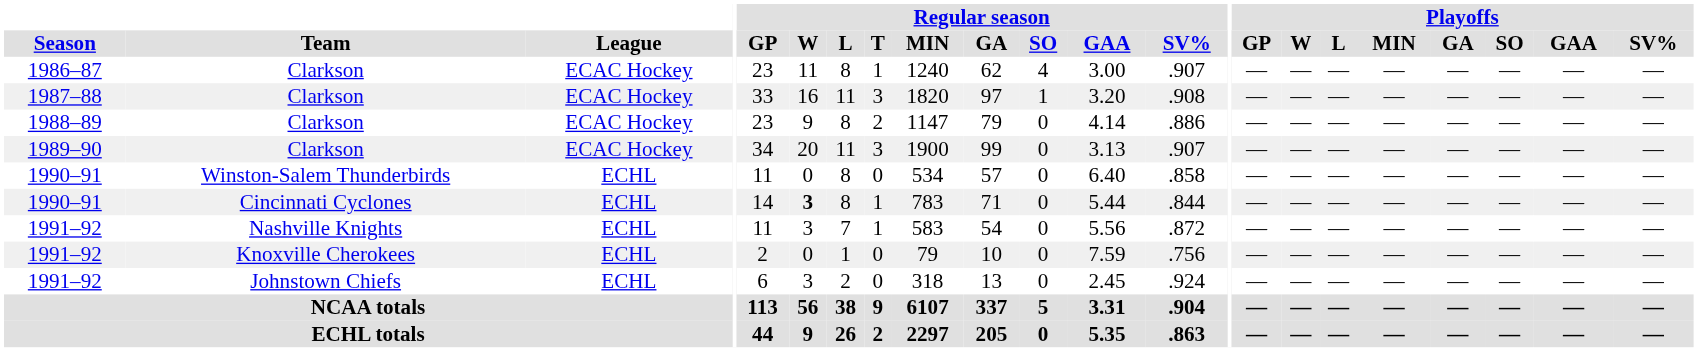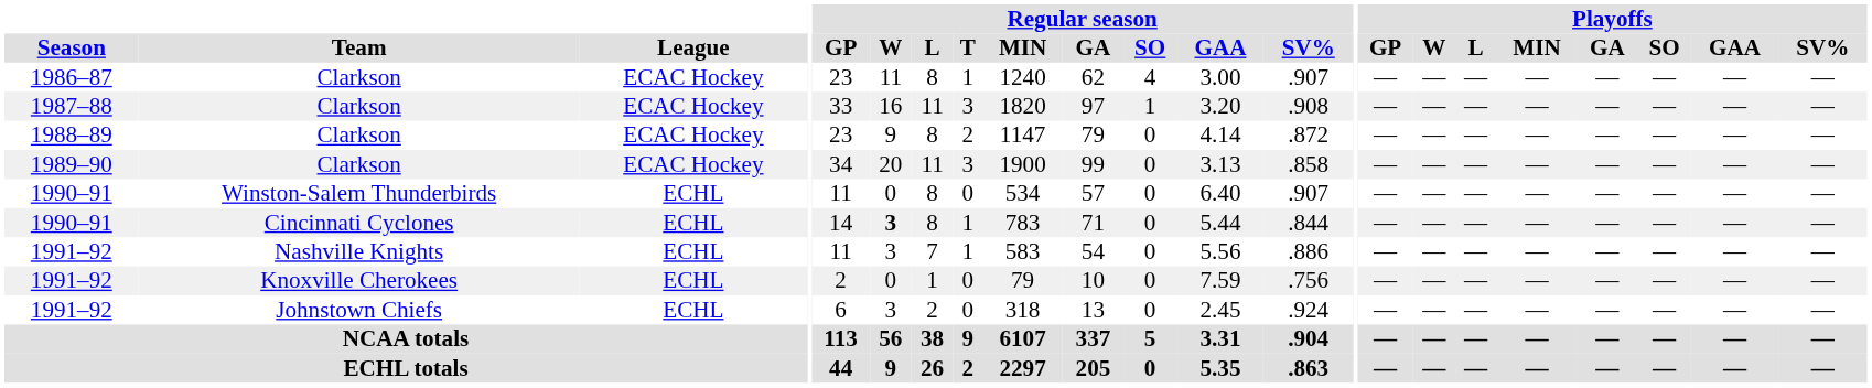 <table border="0" cellpadding="1" cellspacing="0" style="text-align:center; width:80em">
 <tr bgcolor="#e0e0e0">
 <th colspan="3" bgcolor="#ffffff"></th>
 <th rowspan="99" bgcolor="#ffffff"></th>
 <th colspan="9"><a href='#'>Regular season</a></th>
 <th rowspan="99" bgcolor="#ffffff"></th>
 <th colspan="8"><a href='#'>Playoffs</a></th>
 </tr>
 <tr bgcolor="#e0e0e0">
 <th><a href='#'>Season</a></th>
 <th>Team</th>
 <th>League</th>
 <th>GP</th>
 <th>W</th>
 <th>L</th>
 <th>T</th>
 <th>MIN</th>
 <th>GA</th>
 <th><a href='#'>SO</a></th>
 <th><a href='#'>GAA</a></th>
 <th><a href='#'>SV%</a></th>
 <th>GP</th>
 <th>W</th>
 <th>L</th>
 <th>MIN</th>
 <th>GA</th>
 <th>SO</th>
 <th>GAA</th>
 <th>SV%</th>
 </tr>
 <tr>
 <td><a href='#'>1986–87</a></td>
 <td><a href='#'>Clarkson</a></td>
 <td><a href='#'>ECAC Hockey</a></td>
 <td>23</td>
 <td>11</td>
 <td>8</td>
 <td>1</td>
 <td>1240</td>
 <td>62</td>
 <td>4</td>
 <td>3.00</td>
 <td>.907</td>
 <td>—</td>
 <td>—</td>
 <td>—</td>
 <td>—</td>
 <td>—</td>
 <td>—</td>
 <td>—</td>
 <td>—</td>
 </tr>
 <tr bgcolor="f0f0f0">
 <td><a href='#'>1987–88</a></td>
 <td><a href='#'>Clarkson</a></td>
 <td><a href='#'>ECAC Hockey</a></td>
 <td>33</td>
 <td>16</td>
 <td>11</td>
 <td>3</td>
 <td>1820</td>
 <td>97</td>
 <td>1</td>
 <td>3.20</td>
 <td>.908</td>
 <td>—</td>
 <td>—</td>
 <td>—</td>
 <td>—</td>
 <td>—</td>
 <td>—</td>
 <td>—</td>
 <td>—</td>
 </tr>
 <tr>
 <td><a href='#'>1988–89</a></td>
 <td><a href='#'>Clarkson</a></td>
 <td><a href='#'>ECAC Hockey</a></td>
 <td>23</td>
 <td>9</td>
 <td>8</td>
 <td>2</td>
 <td>1147</td>
 <td>79</td>
 <td>0</td>
 <td>4.14</td>
-<td>.886</td>
+<td>.872</td>
 <td>—</td>
 <td>—</td>
 <td>—</td>
 <td>—</td>
 <td>—</td>
 <td>—</td>
 <td>—</td>
 <td>—</td>
 </tr>
 <tr bgcolor="f0f0f0">
 <td><a href='#'>1989–90</a></td>
 <td><a href='#'>Clarkson</a></td>
 <td><a href='#'>ECAC Hockey</a></td>
 <td>34</td>
 <td>20</td>
 <td>11</td>
 <td>3</td>
 <td>1900</td>
 <td>99</td>
 <td>0</td>
 <td>3.13</td>
-<td>.907</td>
+<td>.858</td>
 <td>—</td>
 <td>—</td>
 <td>—</td>
 <td>—</td>
 <td>—</td>
 <td>—</td>
 <td>—</td>
 <td>—</td>
 </tr>
 <tr>
 <td><a href='#'>1990–91</a></td>
 <td><a href='#'>Winston-Salem Thunderbirds</a></td>
 <td><a href='#'>ECHL</a></td>
 <td>11</td>
 <td>0</td>
 <td>8</td>
 <td>0</td>
 <td>534</td>
 <td>57</td>
 <td>0</td>
 <td>6.40</td>
-<td>.858</td>
+<td>.907</td>
 <td>—</td>
 <td>—</td>
 <td>—</td>
 <td>—</td>
 <td>—</td>
 <td>—</td>
 <td>—</td>
 <td>—</td>
 </tr>
 <tr bgcolor="f0f0f0">
 <td><a href='#'>1990–91</a></td>
 <td><a href='#'>Cincinnati Cyclones</a></td>
 <td><a href='#'>ECHL</a></td>
 <td>14</td>
 <td><strong>3</strong></td>
 <td>8</td>
 <td>1</td>
 <td>783</td>
 <td>71</td>
 <td>0</td>
 <td>5.44</td>
 <td>.844</td>
 <td>—</td>
 <td>—</td>
 <td>—</td>
 <td>—</td>
 <td>—</td>
 <td>—</td>
 <td>—</td>
 <td>—</td>
 </tr>
 <tr>
 <td><a href='#'>1991–92</a></td>
 <td><a href='#'>Nashville Knights</a></td>
 <td><a href='#'>ECHL</a></td>
 <td>11</td>
 <td>3</td>
 <td>7</td>
 <td>1</td>
 <td>583</td>
 <td>54</td>
 <td>0</td>
 <td>5.56</td>
-<td>.872</td>
+<td>.886</td>
 <td>—</td>
 <td>—</td>
 <td>—</td>
 <td>—</td>
 <td>—</td>
 <td>—</td>
 <td>—</td>
 <td>—</td>
 </tr>
 <tr bgcolor="f0f0f0">
 <td><a href='#'>1991–92</a></td>
 <td><a href='#'>Knoxville Cherokees</a></td>
 <td><a href='#'>ECHL</a></td>
 <td>2</td>
 <td>0</td>
 <td>1</td>
 <td>0</td>
 <td>79</td>
 <td>10</td>
 <td>0</td>
 <td>7.59</td>
 <td>.756</td>
 <td>—</td>
 <td>—</td>
 <td>—</td>
 <td>—</td>
 <td>—</td>
 <td>—</td>
 <td>—</td>
 <td>—</td>
 </tr>
 <tr>
 <td><a href='#'>1991–92</a></td>
 <td><a href='#'>Johnstown Chiefs</a></td>
 <td><a href='#'>ECHL</a></td>
 <td>6</td>
 <td>3</td>
 <td>2</td>
 <td>0</td>
 <td>318</td>
 <td>13</td>
 <td>0</td>
 <td>2.45</td>
 <td>.924</td>
 <td>—</td>
 <td>—</td>
 <td>—</td>
 <td>—</td>
 <td>—</td>
 <td>—</td>
 <td>—</td>
 <td>—</td>
 </tr>
 <tr bgcolor="#e0e0e0">
 <th colspan="3">NCAA totals</th>
 <th>113</th>
 <th>56</th>
 <th>38</th>
 <th>9</th>
 <th>6107</th>
 <th>337</th>
 <th>5</th>
 <th>3.31</th>
 <th>.904</th>
 <th>—</th>
 <th>—</th>
 <th>—</th>
 <th>—</th>
 <th>—</th>
 <th>—</th>
 <th>—</th>
 <th>—</th>
 </tr>
 <tr bgcolor="#e0e0e0">
 <th colspan="3">ECHL totals</th>
 <th>44</th>
 <th>9</th>
 <th>26</th>
 <th>2</th>
 <th>2297</th>
 <th>205</th>
 <th>0</th>
 <th>5.35</th>
 <th>.863</th>
 <th>—</th>
 <th>—</th>
 <th>—</th>
 <th>—</th>
 <th>—</th>
 <th>—</th>
 <th>—</th>
 <th>—</th>
 </tr>
 </table>
